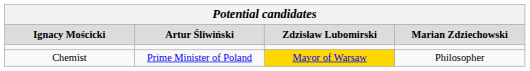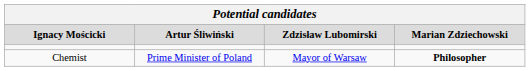 <table class="wikitable" style="font-size:90%;">
 <tr>
 <th colspan="11" style="text-align:center; width:150px; font-size:120%; color:black;"><em>Potential candidates</em></th>
 </tr>
 <tr style="text-align:center">
 <th scope="col" style="width:10em; font-size:120%; background:#DCDCDC; color:black;"><small>Ignacy Mościcki</small></th>
 <th scope="col" style="width:10em; font-size:120%; background:#DCDCDC; color:black;"><small>Artur Śliwiński</small></th>
 <th scope="col" style="width:10em; font-size:120%; background:#DCDCDC; color:black;"><small>Zdzisław Lubomirski</small></th>
 <th scope="col" style="width:10em; font-size:120%; background:#DCDCDC; color:black;"><small>Marian Zdziechowski</small></th>
 </tr>
 <tr style="text-align:center">
 <td style="text-align:center"></td>
 <td style="text-align:center"></td>
 <td style="text-align:center"></td>
 <td style="text-align:center"></td>
 </tr>
 <tr style="text-align:center">
 <td>Chemist</td>
 <td><a href='#'>Prime Minister of Poland</a><br></td>
-<td style="background: gold;"><a href='#'>Mayor of Warsaw</a><br></td>
-<td>Philosopher</td>
+<td><a href='#'>Mayor of Warsaw</a><br></td>
+<td><strong>Philosopher</strong></td>
 </tr>
 </table>
